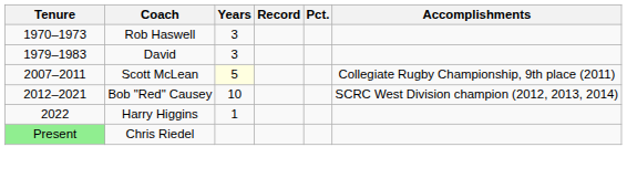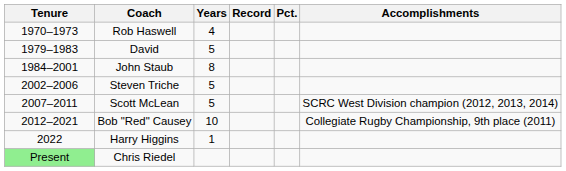 <table class="wikitable sortable"; style= "text-align:center">
 <tr>
 <th width=120px>Tenure</th>
 <th width=px>Coach</th>
 <th width=px>Years</th>
 <th width=px>Record</th>
 <th width=px>Pct.</th>
 <th width=px>Accomplishments</th>
 </tr>
 <tr>
 <td>1970–1973</td>
 <td>Rob Haswell</td>
-<td>3</td>
+<td>4</td>
 <td></td>
 <td></td>
 <td></td>
 </tr>
 <tr>
 <td>1979–1983</td>
 <td>David</td>
-<td>3</td>
+<td>5</td>
+<td></td>
+<td></td>
+<td></td>
+</tr>
+<tr>
+<td>1984–2001</td>
+<td>John Staub</td>
+<td>8</td>
+<td></td>
+<td></td>
+<td></td>
+</tr>
+<tr>
+<td>2002–2006</td>
+<td>Steven Triche</td>
+<td>5</td>
 <td></td>
 <td></td>
 <td></td>
 </tr>
 <tr>
 <td>2007–2011</td>
 <td>Scott McLean</td>
-<td style="background: lightyellow;">5</td>
+<td>5</td>
 <td></td>
 <td></td>
-<td>Collegiate Rugby Championship, 9th place (2011)</td>
+<td>SCRC West Division champion (2012, 2013, 2014)</td>
 </tr>
 <tr>
 <td>2012–2021</td>
 <td>Bob "Red" Causey</td>
 <td>10</td>
 <td></td>
 <td></td>
-<td>SCRC West Division champion (2012, 2013, 2014)</td>
+<td>Collegiate Rugby Championship, 9th place (2011)</td>
 </tr>
 <tr>
 <td>2022</td>
 <td>Harry Higgins</td>
 <td>1</td>
 <td></td>
 <td></td>
 <td></td>
 </tr>
 <tr>
 <td style="background: lightgreen;">Present</td>
 <td>Chris Riedel</td>
 <td></td>
 <td></td>
 <td></td>
 <td></td>
 </tr>
 </table>
